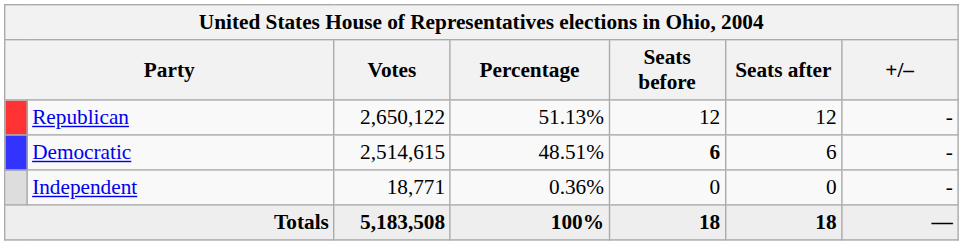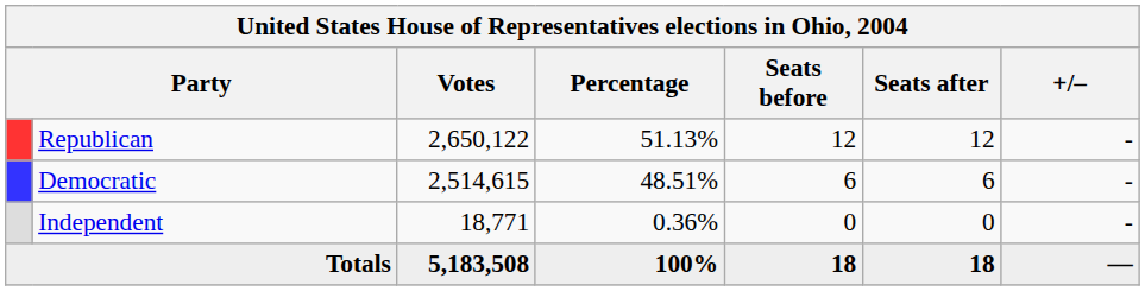 <table class="wikitable" style="font-size: 95%;">
 <tr>
 <th colspan="8">United States House of Representatives elections in Ohio, 2004</th>
 </tr>
 <tr>
 <th colspan=2 style="width: 15em">Party</th>
 <th style="width: 5em">Votes</th>
 <th style="width: 7em">Percentage</th>
 <th style="width: 5em">Seats before</th>
 <th style="width: 5em">Seats after</th>
 <th style="width: 5em">+/–</th>
 </tr>
 <tr>
 <th style="background-color:#FF3333; width: 3px"></th>
 <td style="width: 130px"><a href='#'>Republican</a></td>
 <td align="right">2,650,122</td>
 <td align="right">51.13%</td>
 <td align="right">12</td>
 <td align="right">12</td>
 <td align="right">-</td>
 </tr>
 <tr>
 <th style="background-color:#3333FF; width: 3px"></th>
 <td style="width: 130px"><a href='#'>Democratic</a></td>
 <td align="right">2,514,615</td>
 <td align="right">48.51%</td>
-<td align="right"><strong>6</strong></td>
+<td align="right">6</td>
 <td align="right">6</td>
 <td align="right">-</td>
 </tr>
 <tr>
 <th style="background-color:#DDDDDD; width: 3px"></th>
 <td style="width: 130px"><a href='#'>Independent</a></td>
 <td align="right">18,771</td>
 <td align="right">0.36%</td>
 <td align="right">0</td>
 <td align="right">0</td>
 <td align="right">-</td>
 </tr>
 <tr bgcolor="#EEEEEE">
 <td colspan="2" align="right"><strong>Totals</strong></td>
 <td align="right"><strong>5,183,508</strong></td>
 <td align="right"><strong>100%</strong></td>
 <td align="right"><strong>18</strong></td>
 <td align="right"><strong>18</strong></td>
 <td align="right"><strong>—</strong></td>
 </tr>
 </table>
